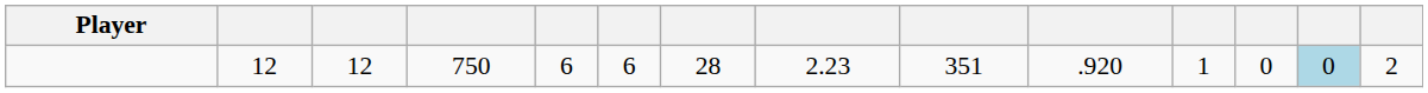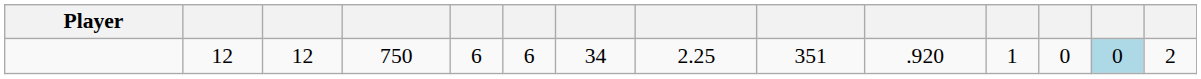 <table class="wikitable sortable" style="width:100%; text-align:center;">
 <tr style="text-align:center; background:#ddd;">
 <th>Player</th>
 <th></th>
 <th></th>
 <th></th>
 <th></th>
 <th></th>
 <th></th>
 <th></th>
 <th></th>
 <th></th>
 <th></th>
 <th></th>
 <th></th>
 <th></th>
 </tr>
 <tr>
 <td></td>
 <td>12</td>
 <td>12</td>
 <td>750</td>
 <td>6</td>
 <td>6</td>
-<td>28</td>
-<td>2.23</td>
+<td>34</td>
+<td>2.25</td>
 <td>351</td>
 <td>.920</td>
 <td>1</td>
 <td>0</td>
 <td style="background: lightblue;">0</td>
 <td>2</td>
 </tr>
 </table>
